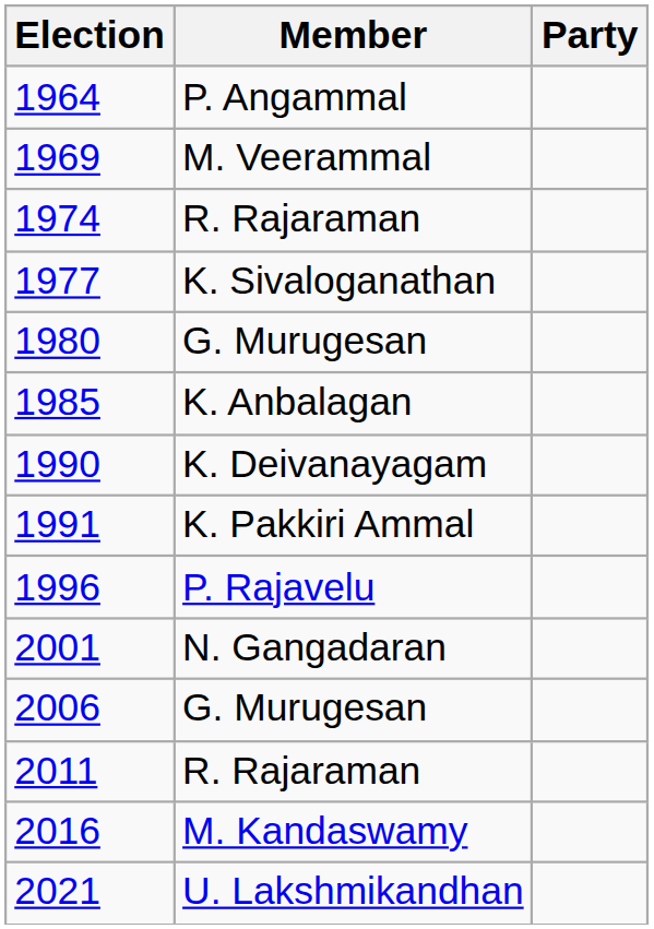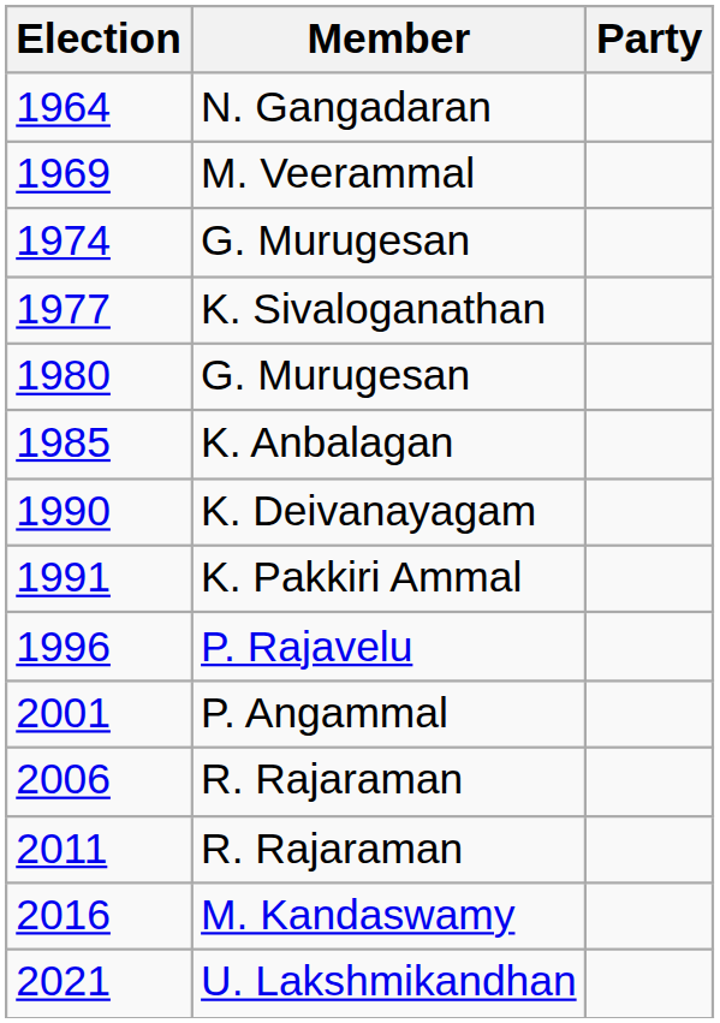 <table class="wikitable sortable">
 <tr>
 <th>Election</th>
 <th>Member</th>
 <th colspan="2">Party</th>
 </tr>
 <tr>
 <td><a href='#'>1964</a></td>
-<td>P. Angammal</td>
+<td>N. Gangadaran</td>
 <td></td>
 </tr>
 <tr>
 <td><a href='#'>1969</a></td>
 <td>M. Veerammal</td>
 <td></td>
 </tr>
 <tr>
 <td><a href='#'>1974</a></td>
-<td>R. Rajaraman</td>
+<td>G. Murugesan</td>
 <td></td>
 </tr>
 <tr>
 <td><a href='#'>1977</a></td>
 <td>K. Sivaloganathan</td>
 <td></td>
 </tr>
 <tr>
 <td><a href='#'>1980</a></td>
 <td>G. Murugesan</td>
 <td></td>
 </tr>
 <tr>
 <td><a href='#'>1985</a></td>
 <td>K. Anbalagan</td>
 <td></td>
 </tr>
 <tr>
 <td><a href='#'>1990</a></td>
 <td>K. Deivanayagam</td>
 <td></td>
 </tr>
 <tr>
 <td><a href='#'>1991</a></td>
 <td>K. Pakkiri Ammal</td>
 <td></td>
 </tr>
 <tr>
 <td><a href='#'>1996</a></td>
 <td><a href='#'>P. Rajavelu</a></td>
 <td></td>
 </tr>
 <tr>
 <td><a href='#'>2001</a></td>
-<td>N. Gangadaran</td>
+<td>P. Angammal</td>
 <td></td>
 </tr>
 <tr>
 <td><a href='#'>2006</a></td>
-<td>G. Murugesan</td>
+<td>R. Rajaraman</td>
 <td></td>
 </tr>
 <tr>
 <td><a href='#'>2011</a></td>
 <td>R. Rajaraman</td>
 <td></td>
 </tr>
 <tr>
 <td><a href='#'>2016</a></td>
 <td><a href='#'>M. Kandaswamy</a></td>
 <td></td>
 </tr>
 <tr>
 <td><a href='#'>2021</a></td>
 <td><a href='#'>U. Lakshmikandhan</a></td>
 <td></td>
 </tr>
 </table>
